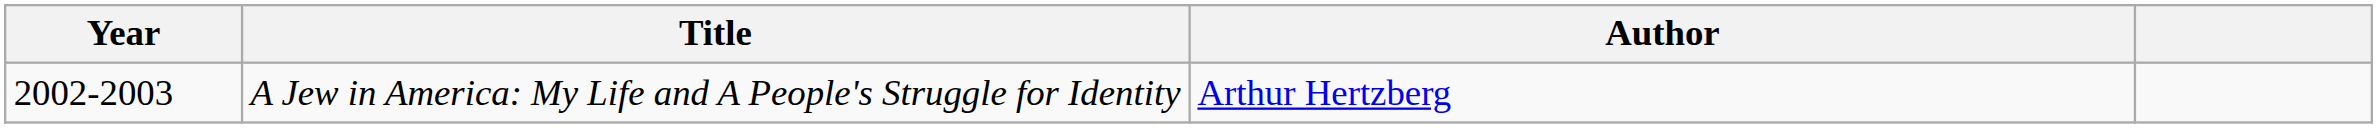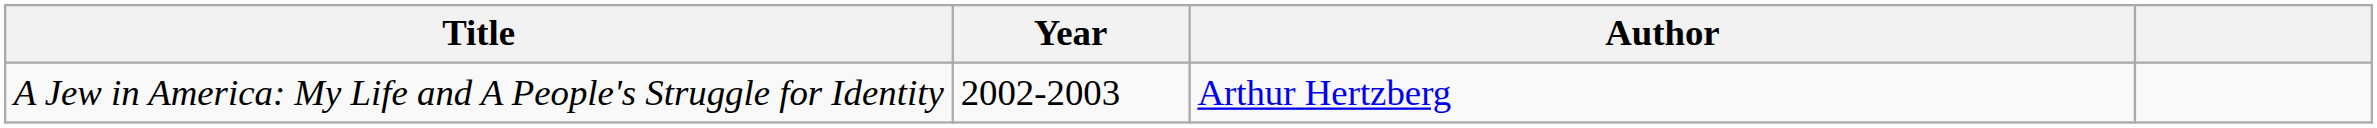 <table class="wikitable">
 <tr>
+<th scope="col" style="width:40%">Title</th>
 <th scope="col" style="width:10%">Year</th>
-<th scope="col" style="width:40%">Title</th>
 <th scope="col" style="width:40%">Author</th>
 <th scope="col" style="width:10%"></th>
 </tr>
 <tr>
+<td><em>A Jew in America: My Life and A People's Struggle for Identity</em></td>
 <td>2002-2003</td>
-<td><em>A Jew in America: My Life and A People's Struggle for Identity</em></td>
 <td><a href='#'>Arthur Hertzberg</a></td>
 <td></td>
 </tr>
 </table>
